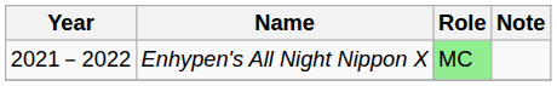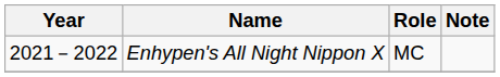 <table class="wikitable">
 <tr>
 <th>Year</th>
 <th>Name</th>
 <th>Role</th>
 <th>Note</th>
 </tr>
 <tr>
 <td>2021－2022</td>
 <td><em>Enhypen's All Night Nippon X</em></td>
-<td style="background: lightgreen;">MC</td>
+<td>MC</td>
 <td></td>
 </tr>
 <tr>
 </tr>
 </table>
